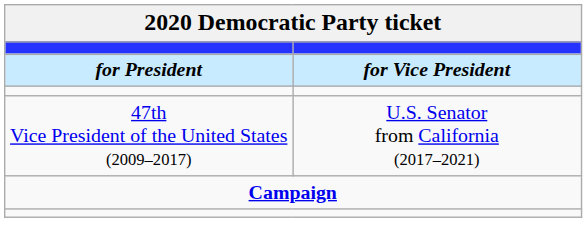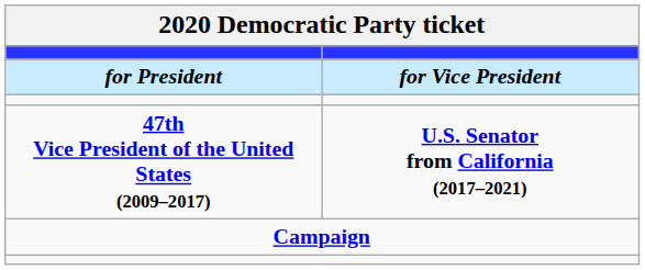 <table class="wikitable" style="font-size:90%;text-align:center">
 <tr>
 <td style="background:#f1f1f1" colspan="30"><big><strong>2020 Democratic Party ticket </strong></big></td>
 </tr>
 <tr>
 <th style="width:3em;font-size:135%;background:#2633FF;width:200px"><a href='#'></a></th>
 <th style="width:3em;font-size:135%;background:#2633FF;width:200px"><a href='#'></a></th>
 </tr>
 <tr>
 <td style="width:3em;font-size:100%;color:#000;background:#C8EBFF;width:200px"><strong><em>for President</em></strong></td>
 <td style="width:3em;font-size:100%;color:#000;background:#C8EBFF;width:200px"><strong><em>for Vice President</em></strong></td>
 </tr>
 <tr>
 <td></td>
 <td></td>
 </tr>
 <tr>
-<td><a href='#'>47th</a><br><a href='#'>Vice President of the United States</a><br><small>(2009–2017)</small></td>
-<td><a href='#'>U.S. Senator</a><br>from <a href='#'>California</a><br><small>(2017–2021)</small></td>
+<td><strong><a href='#'>47th</a><br><a href='#'>Vice President of the United States</a><br><small>(2009–2017)</small></strong></td>
+<td><strong><a href='#'>U.S. Senator</a><br>from <a href='#'>California</a><br><small>(2017–2021)</small></strong></td>
 </tr>
 <tr>
 <td colspan=2><strong><a href='#'>Campaign</a></strong></td>
 </tr>
 <tr>
 <td colspan=2></td>
 </tr>
 </table>
